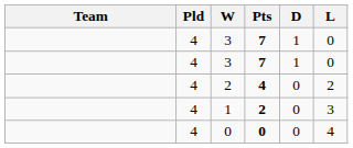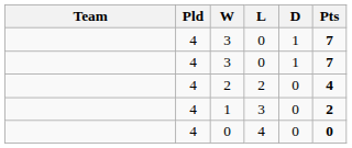 <table class="wikitable" style="text-align: center;">
 <tr>
 <th width=180>Team</th>
 <th width=30>Pld</th>
 <th width=30>W</th>
+<th width=30>L</th>
+<th width=30>D</th>
 <th width=30>Pts</th>
-<th width=30>D</th>
-<th width=30>L</th>
 </tr>
 <tr>
 <td style="text-align:left;"></td>
 <td>4</td>
 <td>3</td>
+<td>0</td>
+<td>1</td>
 <td><strong>7</strong></td>
-<td>1</td>
-<td>0</td>
 </tr>
 <tr>
 <td style="text-align:left;"></td>
 <td>4</td>
 <td>3</td>
+<td>0</td>
+<td>1</td>
 <td><strong>7</strong></td>
-<td>1</td>
-<td>0</td>
 </tr>
 <tr>
 <td style="text-align:left;"></td>
 <td>4</td>
 <td>2</td>
+<td>2</td>
+<td>0</td>
 <td><strong>4</strong></td>
-<td>0</td>
-<td>2</td>
 </tr>
 <tr>
 <td style="text-align:left;"></td>
 <td>4</td>
 <td>1</td>
+<td>3</td>
+<td>0</td>
 <td><strong>2</strong></td>
-<td>0</td>
-<td>3</td>
 </tr>
 <tr>
 <td style="text-align:left;"></td>
 <td>4</td>
 <td>0</td>
+<td>4</td>
+<td>0</td>
 <td><strong>0</strong></td>
-<td>0</td>
-<td>4</td>
 </tr>
 </table>
